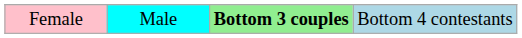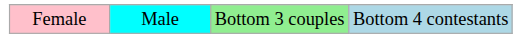 <table class="wikitable" style="margin:1em auto; text-align:center;">
 <tr>
 </tr>
 <tr>
 <td style="background:pink; width:20%;">Female</td>
 <td style="background:cyan; width:20%;">Male</td>
-<td style="background:lightgreen;"><strong>Bottom 3 couples</strong></td>
+<td style="background:lightgreen;">Bottom 3 couples</td>
 <td style="background:lightblue;">Bottom 4 contestants</td>
 </tr>
 </table>
